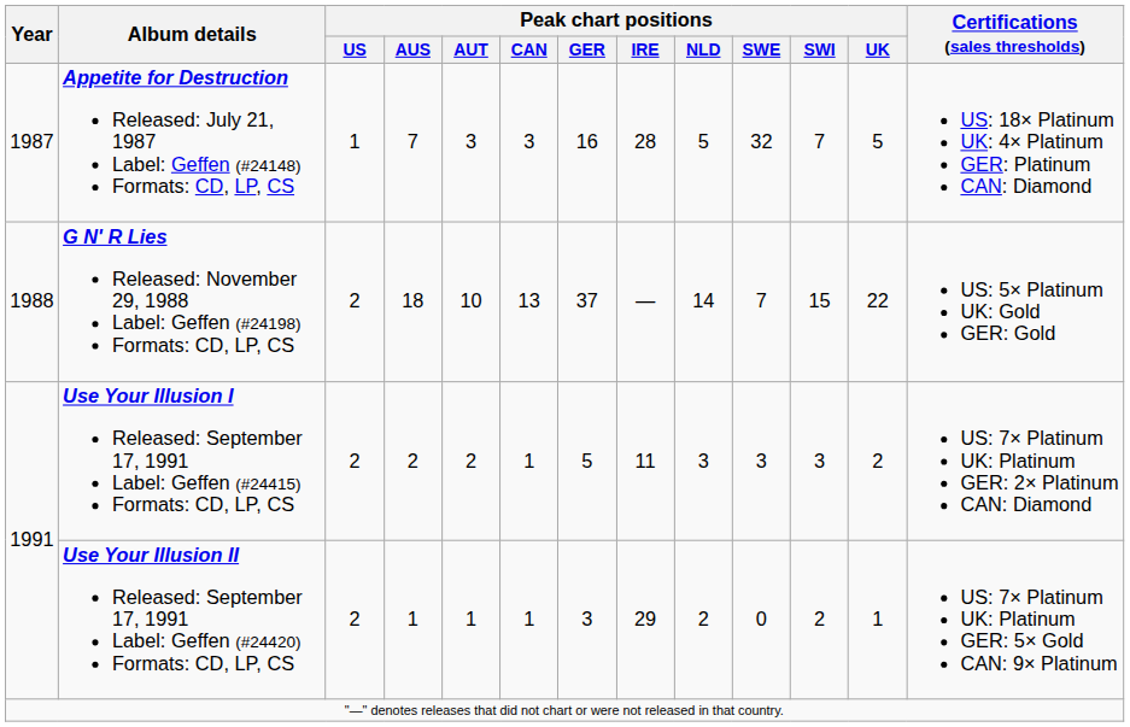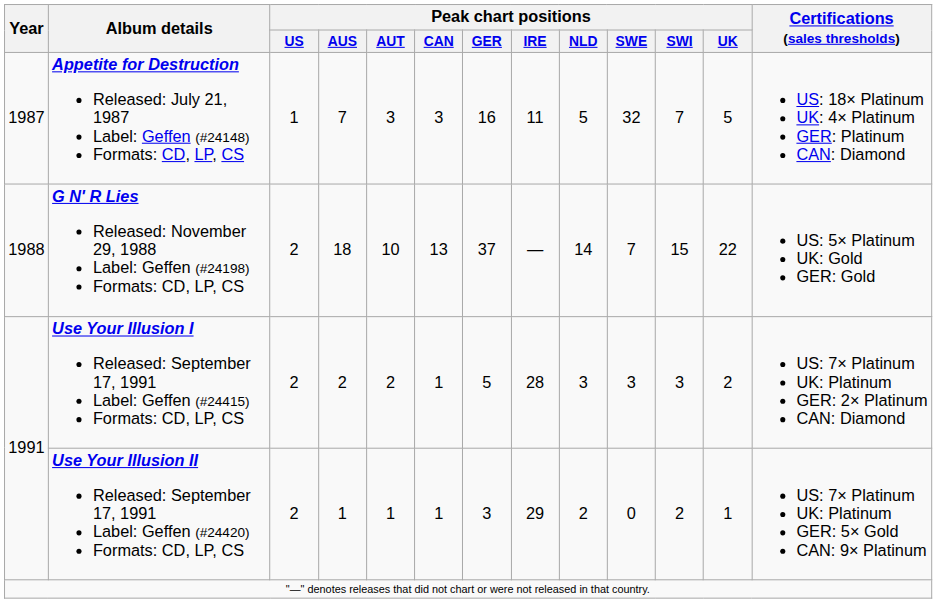 <table class="wikitable" style="text-align:center;">
 <tr>
 <th rowspan="2">Year</th>
 <th rowspan="2" width="210">Album details</th>
 <th colspan="10">Peak chart positions</th>
 <th rowspan="2"><a href='#'>Certifications</a><br><small>(<a href='#'>sales thresholds</a>)</small></th>
 </tr>
 <tr>
 <th style="width:3em;font-size:85%"><a href='#'>US</a><br></th>
 <th style="width:3em;font-size:85%"><a href='#'>AUS</a><br></th>
 <th style="width:3em;font-size:85%"><a href='#'>AUT</a><br></th>
 <th style="width:3em;font-size:85%"><a href='#'>CAN</a><br></th>
 <th style="width:3em;font-size:85%"><a href='#'>GER</a><br></th>
 <th style="width:3em;font-size:85%"><a href='#'>IRE</a><br></th>
 <th style="width:3em;font-size:85%"><a href='#'>NLD</a><br></th>
 <th style="width:3em;font-size:85%"><a href='#'>SWE</a><br></th>
 <th style="width:3em;font-size:85%"><a href='#'>SWI</a><br></th>
 <th style="width:3em;font-size:85%"><a href='#'>UK</a><br></th>
 </tr>
 <tr>
 <td>1987</td>
 <td align="left"><strong><em><a href='#'>Appetite for Destruction</a></em></strong><br><ul><li>Released: July 21, 1987</li><li>Label: <a href='#'>Geffen</a> <small>(#24148)</small></li><li>Formats: <a href='#'>CD</a>, <a href='#'>LP</a>, <a href='#'>CS</a></li></ul></td>
 <td>1</td>
 <td>7</td>
 <td>3</td>
 <td>3</td>
 <td>16</td>
-<td>28</td>
+<td>11</td>
 <td>5</td>
 <td>32</td>
 <td>7</td>
 <td>5</td>
 <td align="left"><br><ul><li><a href='#'>US</a>: 18× Platinum</li><li><a href='#'>UK</a>: 4× Platinum</li><li><a href='#'>GER</a>: Platinum</li><li><a href='#'>CAN</a>: Diamond</li></ul></td>
 </tr>
 <tr>
 <td>1988</td>
 <td align="left"><strong><em><a href='#'>G N' R Lies</a></em></strong><br><ul><li>Released: November 29, 1988</li><li>Label: Geffen <small>(#24198)</small></li><li>Formats: CD, LP, CS</li></ul></td>
 <td>2</td>
 <td>18</td>
 <td>10</td>
 <td>13</td>
 <td>37</td>
 <td>—</td>
 <td>14</td>
 <td>7</td>
 <td>15</td>
 <td>22</td>
 <td align="left"><br><ul><li>US: 5× Platinum</li><li>UK: Gold</li><li>GER: Gold</li></ul></td>
 </tr>
 <tr>
 <td rowspan="2">1991</td>
 <td align="left"><strong><em><a href='#'>Use Your Illusion I</a></em></strong><br><ul><li>Released: September 17, 1991</li><li>Label: Geffen <small>(#24415)</small></li><li>Formats: CD, LP, CS</li></ul></td>
 <td>2</td>
 <td>2</td>
 <td>2</td>
 <td>1</td>
 <td>5</td>
-<td>11</td>
+<td>28</td>
 <td>3</td>
 <td>3</td>
 <td>3</td>
 <td>2</td>
 <td align="left"><br><ul><li>US: 7× Platinum</li><li>UK: Platinum</li><li>GER: 2× Platinum</li><li>CAN: Diamond</li></ul></td>
 </tr>
 <tr>
 <td align="left"><strong><em><a href='#'>Use Your Illusion II</a></em></strong><br><ul><li>Released: September 17, 1991</li><li>Label: Geffen <small>(#24420)</small></li><li>Formats: CD, LP, CS</li></ul></td>
 <td>2</td>
 <td>1</td>
 <td>1</td>
 <td>1</td>
 <td>3</td>
 <td>29</td>
 <td>2</td>
 <td>0</td>
 <td>2</td>
 <td>1</td>
 <td align="left"><br><ul><li>US: 7× Platinum</li><li>UK: Platinum</li><li>GER: 5× Gold</li><li>CAN: 9× Platinum</li></ul></td>
 </tr>
 <tr>
 <td align="center" colspan="15" style="font-size: 8pt">"—" denotes releases that did not chart or were not released in that country.</td>
 </tr>
 </table>
